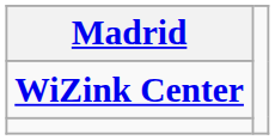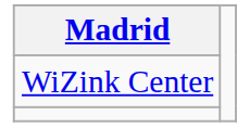 <table class="wikitable" style="margin:1em auto; text-align:center">
 <tr>
 <th><a href='#'>Madrid</a></th>
 <td rowspan=3></td>
 </tr>
 <tr>
-<td><strong><a href='#'>WiZink Center</a></strong></td>
+<td><a href='#'>WiZink Center</a></td>
 </tr>
 <tr>
 <td></td>
 </tr>
 </table>
